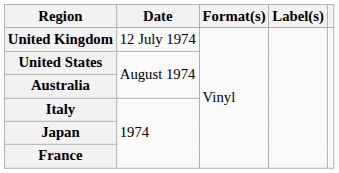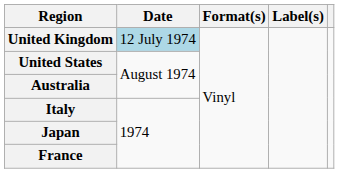 <table class="wikitable plainrowheaders">
 <tr>
 <th scope="col">Region</th>
 <th scope="col">Date</th>
 <th scope="col">Format(s)</th>
 <th scope="col">Label(s)</th>
 <th scope="col"></th>
 </tr>
 <tr>
 <th scope="row" rowspan="1">United Kingdom</th>
-<td>12 July 1974</td>
+<td style="background: lightblue;">12 July 1974</td>
 <td rowspan="6">Vinyl</td>
 <td rowspan="6"></td>
 <td rowspan="6"></td>
 </tr>
 <tr>
 <th scope="row">United States</th>
 <td rowspan="2">August 1974</td>
 </tr>
 <tr>
 <th scope="row">Australia</th>
 </tr>
 <tr>
 <th scope="row">Italy</th>
 <td rowspan="3">1974</td>
 </tr>
 <tr>
 <th scope="row">Japan</th>
 </tr>
 <tr>
 <th scope="row">France</th>
 </tr>
 </table>
